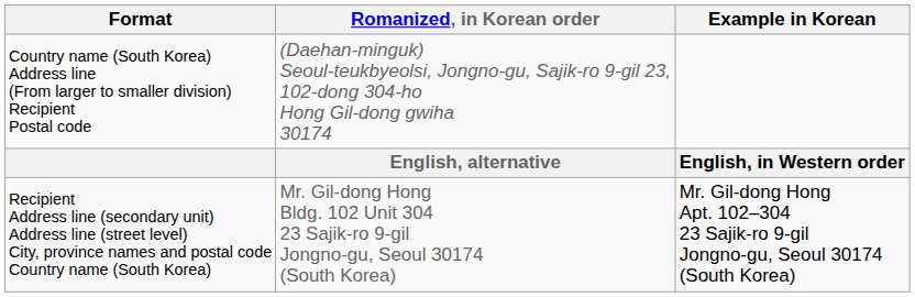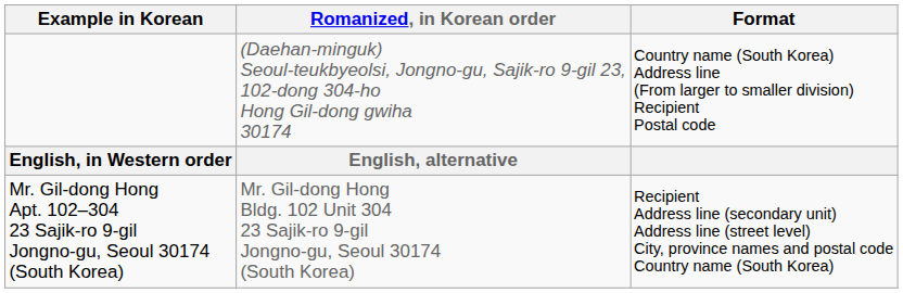 <table class="wikitable">
 <tr>
+<th>Example in Korean</th>
+<th style="color:#666;"><a href='#'>Romanized</a>, in Korean order</th>
 <th>Format</th>
-<th style="color:#666;"><a href='#'>Romanized</a>, in Korean order</th>
-<th>Example in Korean</th>
 </tr>
 <tr>
+<td></td>
+<td style="color:#666;"><em>(Daehan-minguk)<br>Seoul-teukbyeolsi, Jongno-gu, Sajik-ro 9-gil 23,<br>102-dong 304-ho<br>Hong Gil-dong gwiha<br>30174</em></td>
 <td style="font-size:85%;">Country name (South Korea)<br>Address line<br>(From larger to smaller division)<br>Recipient<br>Postal code</td>
-<td style="color:#666;"><em>(Daehan-minguk)<br>Seoul-teukbyeolsi, Jongno-gu, Sajik-ro 9-gil 23,<br>102-dong 304-ho<br>Hong Gil-dong gwiha<br>30174</em></td>
-<td></td>
 </tr>
 <tr>
+<th>English, in Western order</th>
+<th style="color:#666;">English, alternative</th>
 <th></th>
-<th style="color:#666;">English, alternative</th>
-<th>English, in Western order</th>
 </tr>
 <tr>
+<td>Mr. Gil-dong Hong<br>Apt. 102–304<br>23 Sajik-ro 9-gil<br>Jongno-gu, Seoul 30174<br>(South Korea)</td>
+<td style="color:#666;">Mr. Gil-dong Hong<br>Bldg. 102 Unit 304<br>23 Sajik-ro 9-gil<br>Jongno-gu, Seoul 30174<br>(South Korea)</td>
 <td style="font-size:85%;">Recipient<br>Address line (secondary unit)<br>Address line (street level)<br>City, province names and postal code<br>Country name (South Korea)</td>
-<td style="color:#666;">Mr. Gil-dong Hong<br>Bldg. 102 Unit 304<br>23 Sajik-ro 9-gil<br>Jongno-gu, Seoul 30174<br>(South Korea)</td>
-<td>Mr. Gil-dong Hong<br>Apt. 102–304<br>23 Sajik-ro 9-gil<br>Jongno-gu, Seoul 30174<br>(South Korea)</td>
 </tr>
 </table>
